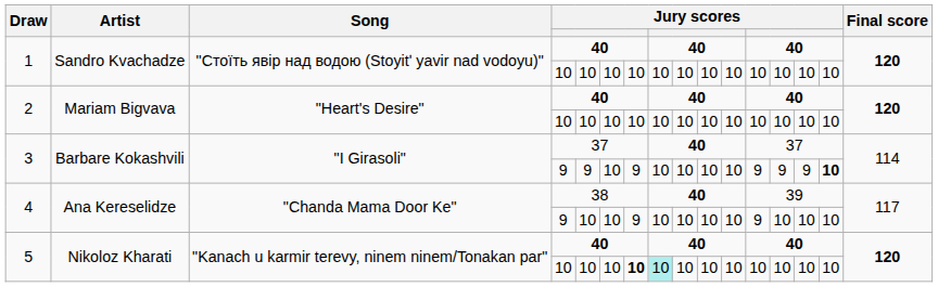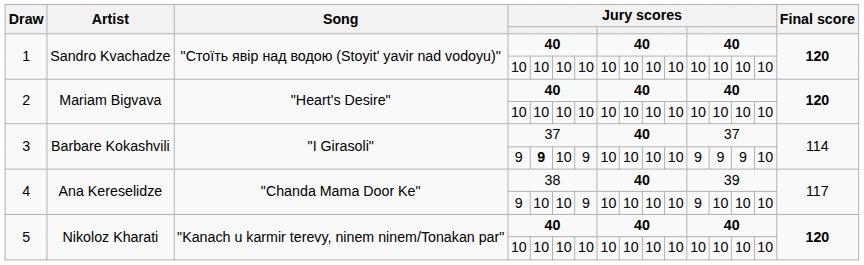 <table class="sortable wikitable" style="text-align:center;margin:1em auto 1em auto">
 <tr>
 <th rowspan="2" scope="col">Draw</th>
 <th rowspan="2" scope="col">Artist</th>
 <th rowspan="2" scope="col">Song</th>
 <th colspan="12" scope="col">Jury scores</th>
 <th rowspan="2" scope="col">Final score</th>
 </tr>
 <tr>
 <th colspan="4" class="unsortable" scope="col"><small></small></th>
 <th colspan="4" class="unsortable" scope="col"><small></small></th>
 <th colspan="4" class="unsortable" scope="col"><small></small></th>
 </tr>
 <tr>
 <td rowspan="2">1</td>
 <td rowspan="2">Sandro Kvachadze</td>
 <td rowspan="2">"Стоїть явір над водою (Stoyitʹ yavir nad vodoyu)"<br></td>
 <td colspan="4"><strong>40</strong></td>
 <td colspan="4"><strong>40</strong></td>
 <td colspan="4"><strong>40</strong></td>
 <td rowspan="2"><strong>120</strong></td>
 </tr>
 <tr>
 <td>10</td>
 <td>10</td>
 <td>10</td>
 <td>10</td>
 <td>10</td>
 <td>10</td>
 <td>10</td>
 <td>10</td>
 <td>10</td>
 <td>10</td>
 <td>10</td>
 <td>10</td>
 </tr>
 <tr>
 <td rowspan="2">2</td>
 <td rowspan="2">Mariam Bigvava</td>
 <td rowspan="2">"Heart's Desire"<br></td>
 <td colspan="4"><strong>40</strong></td>
 <td colspan="4"><strong>40</strong></td>
 <td colspan="4"><strong>40</strong></td>
 <td rowspan="2"><strong>120</strong></td>
 </tr>
 <tr>
 <td>10</td>
 <td>10</td>
 <td>10</td>
 <td>10</td>
 <td>10</td>
 <td>10</td>
 <td>10</td>
 <td>10</td>
 <td>10</td>
 <td>10</td>
 <td>10</td>
 <td>10</td>
 </tr>
 <tr>
 <td rowspan="2">3</td>
 <td rowspan="2">Barbare Kokashvili</td>
 <td rowspan="2">"I Girasoli"<br></td>
 <td colspan="4">37</td>
 <td colspan="4"><strong>40</strong></td>
 <td colspan="4">37</td>
 <td rowspan="2">114</td>
 </tr>
 <tr>
 <td>9</td>
-<td>9</td>
+<td><strong>9</strong></td>
 <td>10</td>
 <td>9</td>
 <td>10</td>
 <td>10</td>
 <td>10</td>
 <td>10</td>
 <td>9</td>
 <td>9</td>
 <td>9</td>
-<td><strong>10</strong></td>
+<td>10</td>
 </tr>
 <tr>
 <td rowspan="2">4</td>
 <td rowspan="2">Ana Kereselidze</td>
 <td rowspan="2">"Chanda Mama Door Ke"<br></td>
 <td colspan="4">38</td>
 <td colspan="4"><strong>40</strong></td>
 <td colspan="4">39</td>
 <td rowspan="2">117</td>
 </tr>
 <tr>
 <td>9</td>
 <td>10</td>
 <td>10</td>
 <td>9</td>
 <td>10</td>
 <td>10</td>
 <td>10</td>
 <td>10</td>
 <td>9</td>
 <td>10</td>
 <td>10</td>
 <td>10</td>
 </tr>
 <tr>
 <td rowspan="2">5</td>
 <td rowspan="2">Nikoloz Kharati</td>
 <td rowspan="2">"Kanach u karmir terevy, ninem ninem/Tonakan par"<br></td>
 <td colspan="4"><strong>40</strong></td>
 <td colspan="4"><strong>40</strong></td>
 <td colspan="4"><strong>40</strong></td>
 <td rowspan="2"><strong>120</strong></td>
 </tr>
 <tr>
 <td>10</td>
 <td>10</td>
 <td>10</td>
-<td><strong>10</strong></td>
-<td style="background: paleturquoise;">10</td>
+<td>10</td>
+<td>10</td>
 <td>10</td>
 <td>10</td>
 <td>10</td>
 <td>10</td>
 <td>10</td>
 <td>10</td>
 <td>10</td>
 </tr>
 </table>
